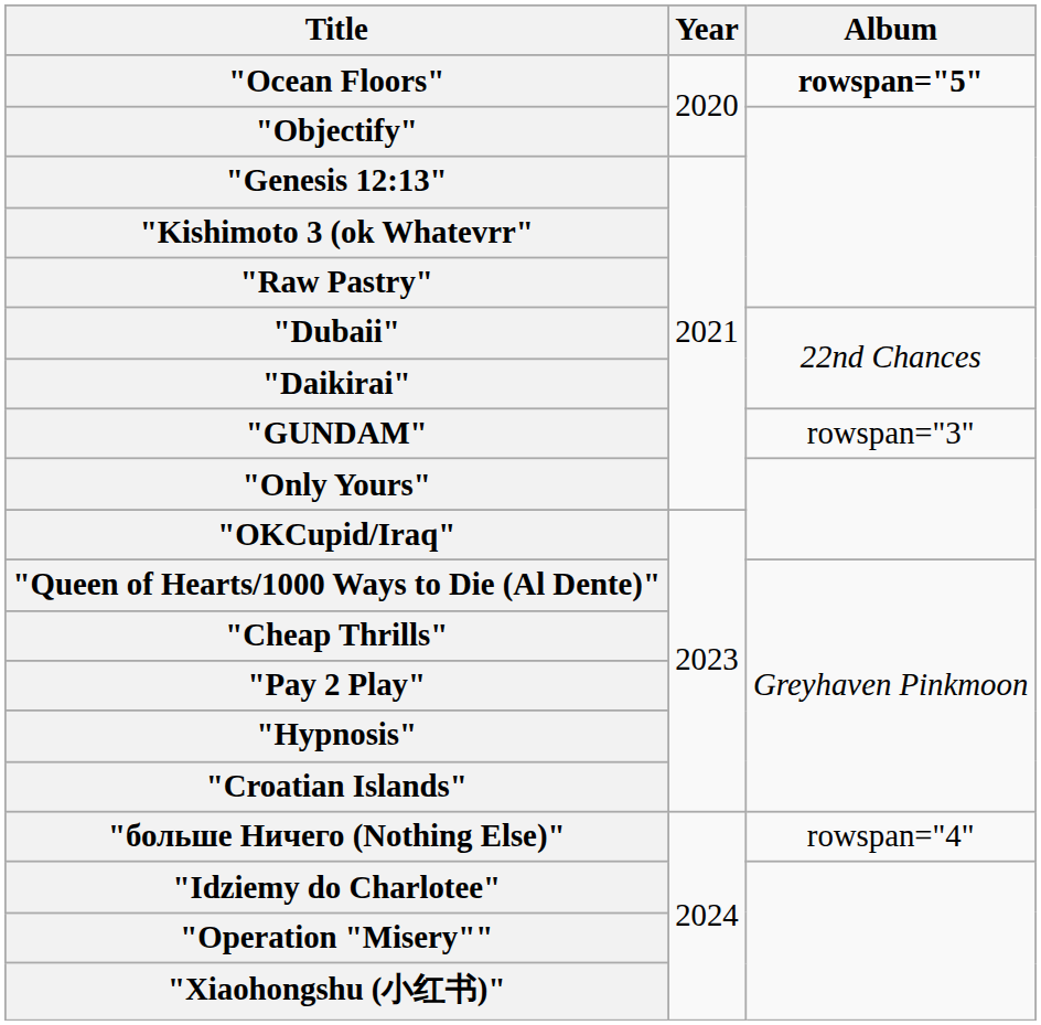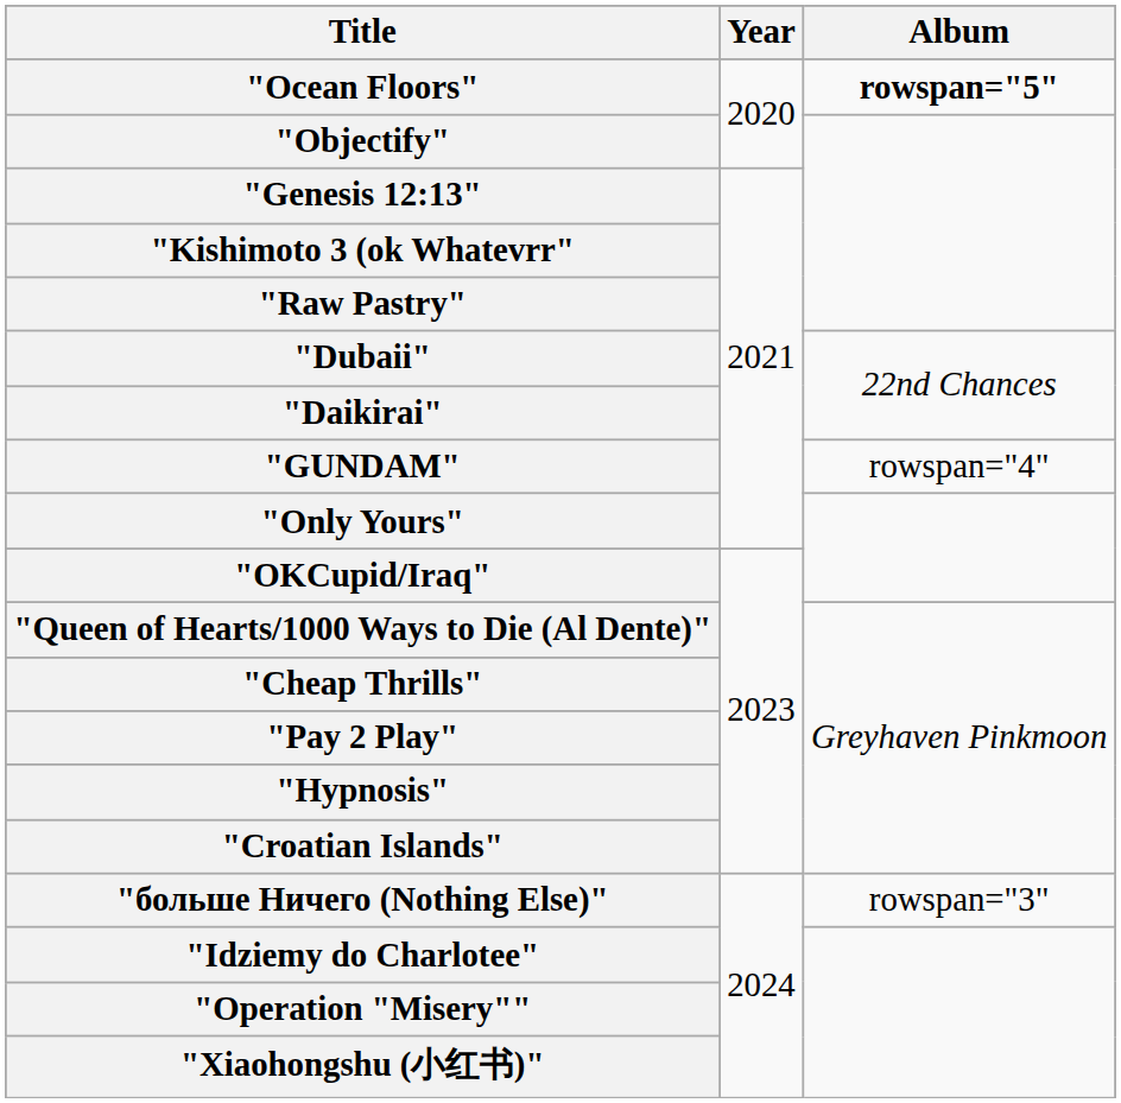 <table class="wikitable plainrowheaders" style="text-align:center;">
 <tr>
 <th - scope="col">Title</th>
 <th scope="col">Year</th>
 <th scope="col">Album</th>
 </tr>
 <tr>
 <th scope="row">"Ocean Floors"</th>
 <td rowspan="2">2020</td>
 <td><strong>rowspan="5" </strong></td>
 </tr>
 <tr>
 <th scope="row">"Objectify"</th>
 </tr>
 <tr>
 <th scope="row">"Genesis 12:13"</th>
 <td rowspan="7">2021</td>
 </tr>
 <tr>
 <th scope="row">"Kishimoto 3 (ok Whatevrr"</th>
 </tr>
 <tr>
 <th scope="row">"Raw Pastry"</th>
 </tr>
 <tr>
 <th scope="row">"Dubaii"</th>
 <td rowspan="2"><em>22nd Chances</em></td>
 </tr>
 <tr>
 <th scope="row">"Daikirai"</th>
 </tr>
 <tr>
 <th scope="row">"GUNDAM"</th>
-<td>rowspan="3" </td>
+<td>rowspan="4" </td>
 </tr>
 <tr>
 <th scope="row">"Only Yours"</th>
 </tr>
 <tr>
 <th scope="row">"OKCupid/Iraq"</th>
 <td rowspan="6">2023</td>
 </tr>
 <tr>
 <th scope="row">"Queen of Hearts/1000 Ways to Die (Al Dente)"</th>
 <td rowspan="5"><em>Greyhaven Pinkmoon</em></td>
 </tr>
 <tr>
 <th scope="row">"Cheap Thrills"</th>
 </tr>
 <tr>
 <th scope="row">"Pay 2 Play"</th>
 </tr>
 <tr>
 <th scope="row">"Hypnosis"</th>
 </tr>
 <tr>
 <th scope="row">"Croatian Islands"</th>
 </tr>
 <tr>
 <th scope="row">"больше Ничего (Nothing Else)"</th>
 <td rowspan="4">2024</td>
-<td>rowspan="4" </td>
+<td>rowspan="3" </td>
 </tr>
 <tr>
 <th scope="row">"Idziemy do Charlotee"</th>
 </tr>
 <tr>
 <th scope="row">"Operation "Misery""</th>
 </tr>
 <tr>
 <th scope="row">"Xiaohongshu (小红书)"</th>
 </tr>
 </table>
